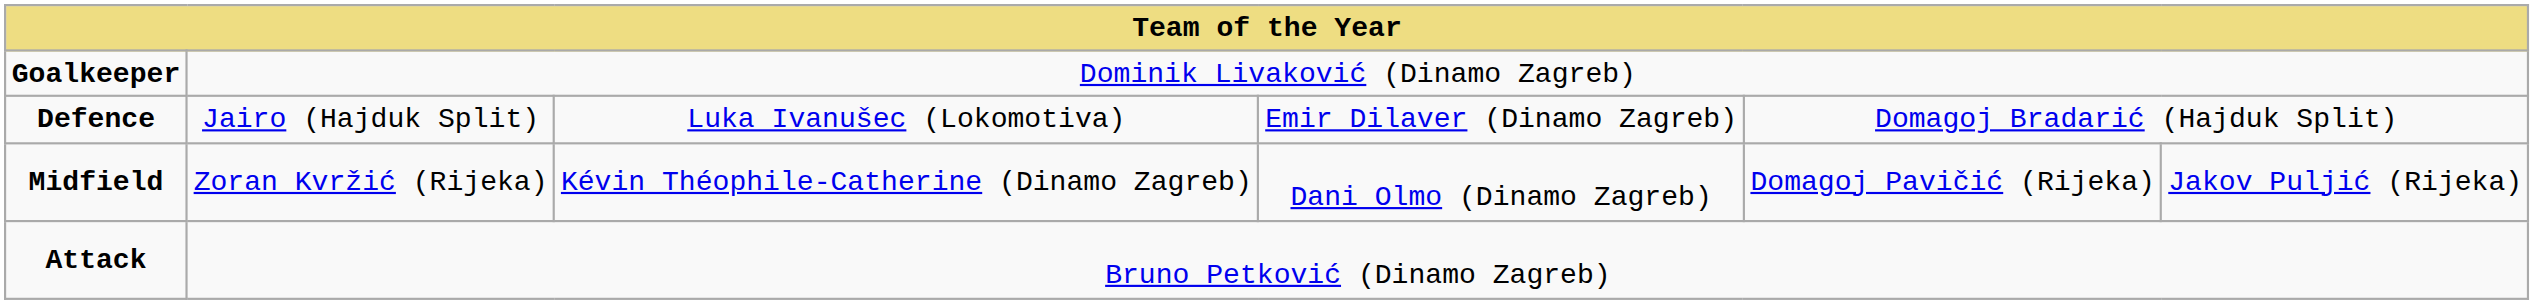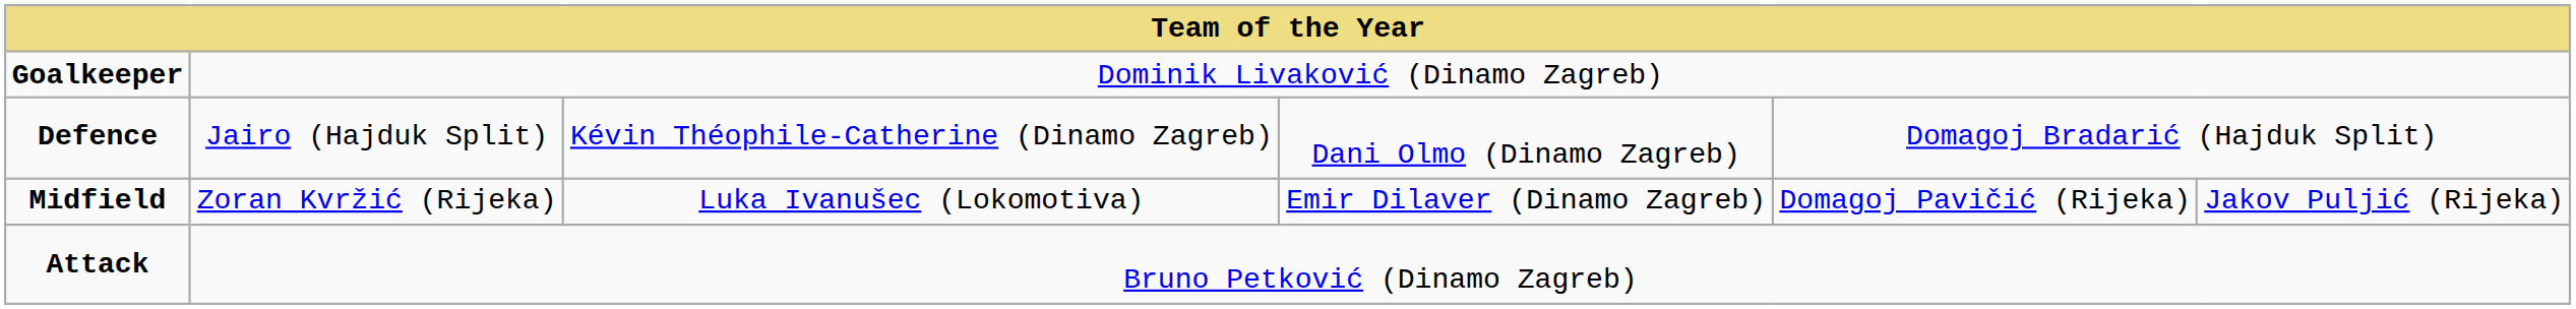 <table class="wikitable" style="text-align:center">
 <tr>
 <th style="background-color: #eedd82"     colspan="13">Team of the Year</th>
 </tr>
 <tr>
 <td><strong>Goalkeeper</strong></td>
 <td colspan="13"> <a href='#'>Dominik Livaković</a> (Dinamo Zagreb)</td>
 </tr>
 <tr>
 <td><strong>Defence</strong></td>
 <td> <a href='#'>Jairo</a> (Hajduk Split)</td>
-<td colspan="1"> <a href='#'>Luka Ivanušec</a> (Lokomotiva)</td>
-<td colspan="1"> <a href='#'>Emir Dilaver</a> (Dinamo Zagreb)</td>
+<td colspan="1"> <a href='#'>Kévin Théophile-Catherine</a> (Dinamo Zagreb)</td>
+<td colspan="1"><br> <a href='#'>Dani Olmo</a> (Dinamo Zagreb)</td>
 <td colspan="2"> <a href='#'>Domagoj Bradarić</a> (Hajduk Split)</td>
 </tr>
 <tr>
 <td><strong>Midfield</strong></td>
 <td colspan="1"> <a href='#'>Zoran Kvržić</a> (Rijeka)</td>
-<td colspan="1"> <a href='#'>Kévin Théophile-Catherine</a> (Dinamo Zagreb)</td>
-<td colspan="1"><br> <a href='#'>Dani Olmo</a> (Dinamo Zagreb)</td>
+<td colspan="1"> <a href='#'>Luka Ivanušec</a> (Lokomotiva)</td>
+<td colspan="1"> <a href='#'>Emir Dilaver</a> (Dinamo Zagreb)</td>
 <td> <a href='#'>Domagoj Pavičić</a> (Rijeka)</td>
 <td colspan="1"> <a href='#'>Jakov Puljić</a> (Rijeka)</td>
 </tr>
 <tr>
 <td><strong>Attack</strong></td>
 <td colspan="13"><br> <a href='#'>Bruno Petković</a> (Dinamo Zagreb)</td>
 </tr>
 </table>
